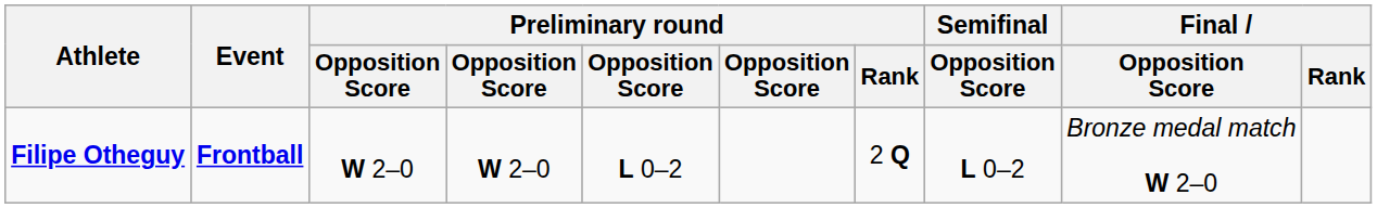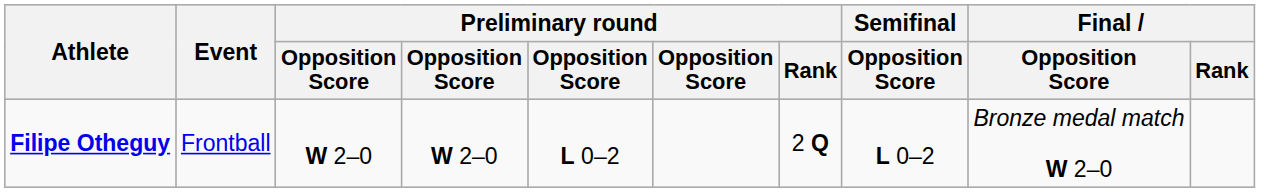 <table class=wikitable style=font-size:90%;text-align:center>
 <tr>
 <th rowspan=2>Athlete</th>
 <th rowspan=2>Event</th>
 <th colspan=5>Preliminary round</th>
 <th>Semifinal</th>
 <th colspan=2>Final / </th>
 </tr>
 <tr style=font-size:95%>
 <th>Opposition<br>Score</th>
 <th>Opposition<br>Score</th>
 <th>Opposition<br>Score</th>
 <th>Opposition<br>Score</th>
 <th>Rank</th>
 <th>Opposition<br>Score</th>
 <th>Opposition<br>Score</th>
 <th>Rank</th>
 </tr>
 <tr align=center>
 <td align=left><strong><a href='#'>Filipe Otheguy</a></strong></td>
-<td align=left><strong><a href='#'>Frontball</a></strong></td>
+<td align=left><a href='#'>Frontball</a></td>
 <td><br><strong>W</strong> 2–0</td>
 <td><br><strong>W</strong> 2–0</td>
 <td><br><strong>L</strong> 0–2</td>
 <td></td>
 <td>2 <strong>Q</strong></td>
 <td><br><strong>L</strong> 0–2</td>
 <td><em>Bronze medal match</em><br><br><strong>W</strong> 2–0</td>
 <td></td>
 </tr>
 </table>
